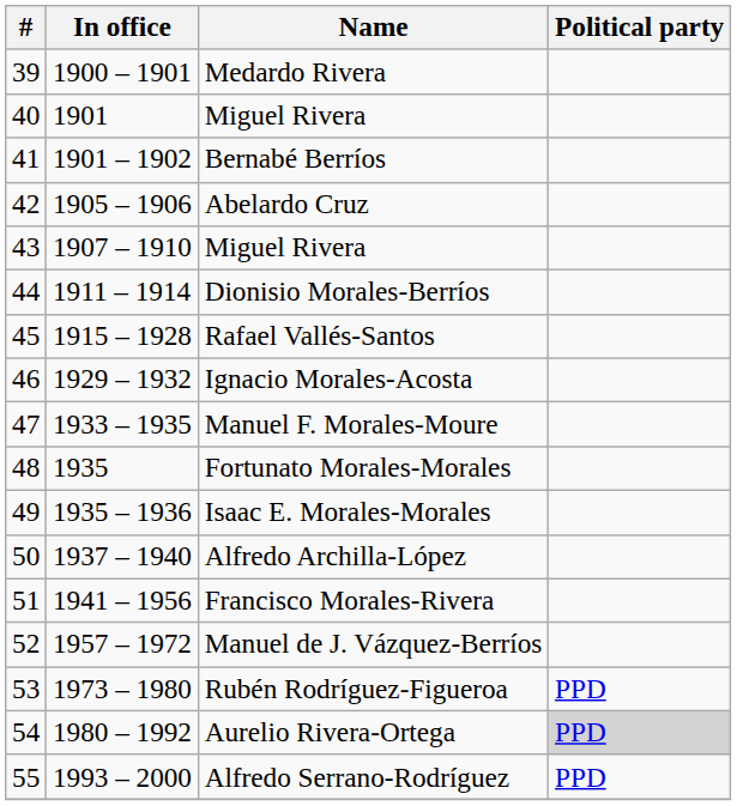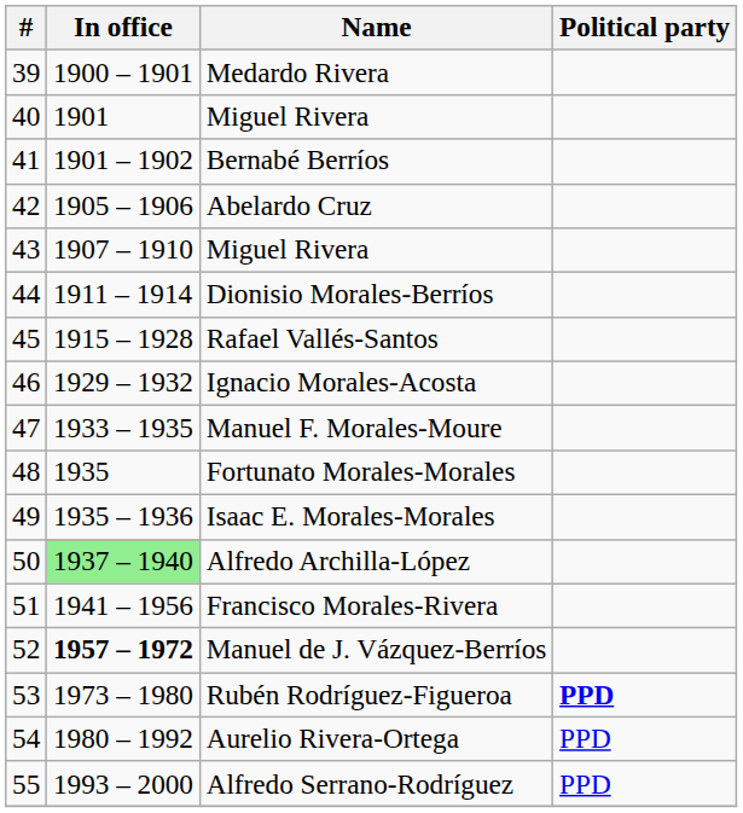 <table class="sortable wikitable">
 <tr>
 <th>#</th>
 <th>In office</th>
 <th>Name</th>
 <th>Political party</th>
 </tr>
 <tr>
 <td>39</td>
 <td>1900 – 1901</td>
 <td>Medardo Rivera</td>
 <td></td>
 </tr>
 <tr>
 <td>40</td>
 <td>1901</td>
 <td>Miguel Rivera</td>
 <td></td>
 </tr>
 <tr>
 <td>41</td>
 <td>1901 – 1902</td>
 <td>Bernabé Berríos</td>
 <td></td>
 </tr>
 <tr>
 <td>42</td>
 <td>1905 – 1906</td>
 <td>Abelardo Cruz</td>
 <td></td>
 </tr>
 <tr>
 <td>43</td>
 <td>1907 – 1910</td>
 <td>Miguel Rivera</td>
 <td></td>
 </tr>
 <tr>
 <td>44</td>
 <td>1911 – 1914</td>
 <td>Dionisio Morales-Berríos</td>
 <td></td>
 </tr>
 <tr>
 <td>45</td>
 <td>1915 – 1928</td>
 <td>Rafael Vallés-Santos</td>
 <td></td>
 </tr>
 <tr>
 <td>46</td>
 <td>1929 – 1932</td>
 <td>Ignacio Morales-Acosta</td>
 <td></td>
 </tr>
 <tr>
 <td>47</td>
 <td>1933 – 1935</td>
 <td>Manuel F. Morales-Moure</td>
 <td></td>
 </tr>
 <tr>
 <td>48</td>
 <td>1935</td>
 <td>Fortunato Morales-Morales</td>
 <td></td>
 </tr>
 <tr>
 <td>49</td>
 <td>1935 – 1936</td>
 <td>Isaac E. Morales-Morales</td>
 <td></td>
 </tr>
 <tr>
 <td>50</td>
-<td>1937 – 1940</td>
+<td style="background: lightgreen;">1937 – 1940</td>
 <td>Alfredo Archilla-López</td>
 <td></td>
 </tr>
 <tr>
 <td>51</td>
 <td>1941 – 1956</td>
 <td>Francisco Morales-Rivera</td>
 <td></td>
 </tr>
 <tr>
 <td>52</td>
-<td>1957 – 1972</td>
+<td><strong>1957 – 1972</strong></td>
 <td>Manuel de J. Vázquez-Berríos</td>
 <td></td>
 </tr>
 <tr>
 <td>53</td>
 <td>1973 – 1980</td>
 <td>Rubén Rodríguez-Figueroa</td>
-<td><a href='#'>PPD</a></td>
+<td><strong><a href='#'>PPD</a></strong></td>
 </tr>
 <tr>
 <td>54</td>
 <td>1980 – 1992</td>
 <td>Aurelio Rivera-Ortega</td>
-<td style="background: lightgrey;"><a href='#'>PPD</a></td>
+<td><a href='#'>PPD</a></td>
 </tr>
 <tr>
 <td>55</td>
 <td>1993 – 2000</td>
 <td>Alfredo Serrano-Rodríguez</td>
 <td><a href='#'>PPD</a></td>
 </tr>
 <tr>
 </tr>
 </table>
